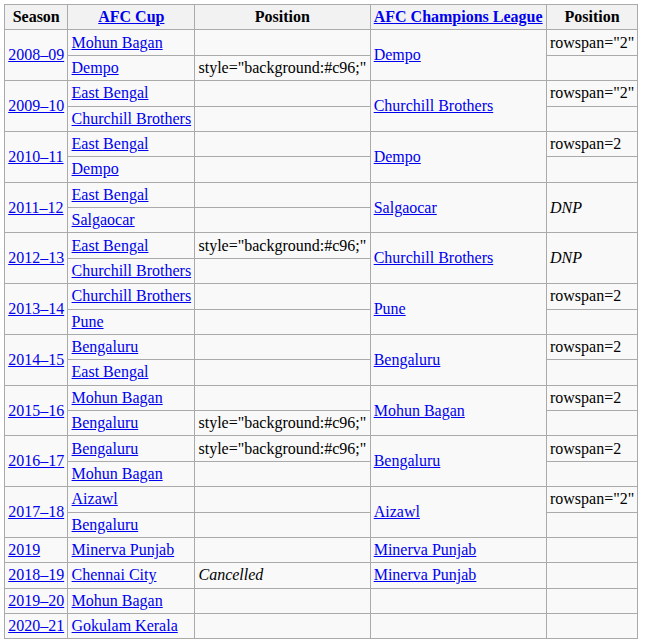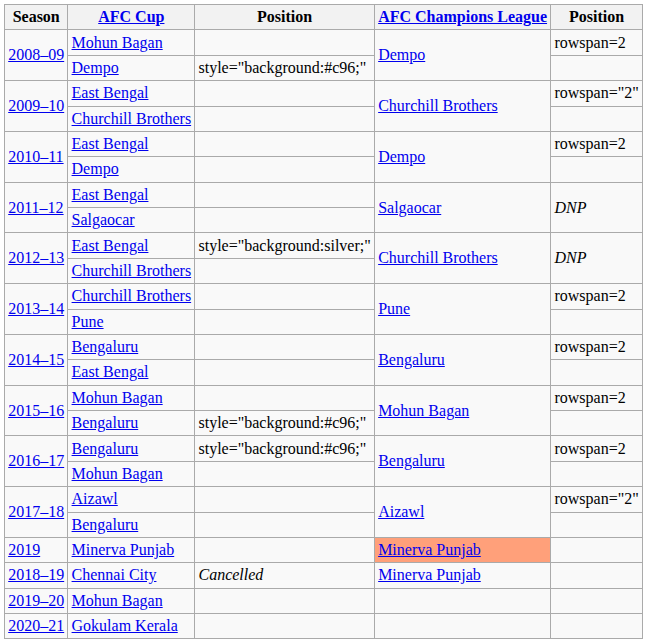 <table class="wikitable sortable">
 <tr>
 <th>Season</th>
 <th><a href='#'>AFC Cup</a></th>
 <th>Position</th>
 <th><a href='#'>AFC Champions League</a></th>
 <th>Position</th>
 </tr>
 <tr>
 <td rowspan=2><a href='#'>2008–09</a></td>
 <td><a href='#'>Mohun Bagan</a></td>
 <td></td>
 <td rowspan=2><a href='#'>Dempo</a></td>
-<td>rowspan="2" </td>
+<td>rowspan=2 </td>
 </tr>
 <tr>
 <td><a href='#'>Dempo</a></td>
 <td>style="background:#c96;" </td>
 </tr>
 <tr>
 <td rowspan=2><a href='#'>2009–10</a></td>
 <td><a href='#'>East Bengal</a></td>
 <td></td>
 <td rowspan=2><a href='#'>Churchill Brothers</a></td>
 <td>rowspan="2" </td>
 </tr>
 <tr>
 <td><a href='#'>Churchill Brothers</a></td>
 <td></td>
 </tr>
 <tr>
 <td rowspan=2><a href='#'>2010–11</a></td>
 <td><a href='#'>East Bengal</a></td>
 <td></td>
 <td rowspan=2><a href='#'>Dempo</a></td>
 <td>rowspan=2 </td>
 </tr>
 <tr>
 <td><a href='#'>Dempo</a></td>
 <td></td>
 </tr>
 <tr>
 <td rowspan=2><a href='#'>2011–12</a></td>
 <td><a href='#'>East Bengal</a></td>
 <td></td>
 <td rowspan=2><a href='#'>Salgaocar</a></td>
 <td rowspan=2 data-sort-value="1"><em>DNP</em></td>
 </tr>
 <tr>
 <td><a href='#'>Salgaocar</a></td>
 <td></td>
 </tr>
 <tr>
 <td rowspan=2><a href='#'>2012–13</a></td>
 <td><a href='#'>East Bengal</a></td>
-<td>style="background:#c96;" </td>
+<td>style="background:silver;" </td>
 <td rowspan=2><a href='#'>Churchill Brothers</a></td>
 <td rowspan=2 data-sort-value="1"><em>DNP</em></td>
 </tr>
 <tr>
 <td><a href='#'>Churchill Brothers</a></td>
 <td></td>
 </tr>
 <tr>
 <td rowspan=2><a href='#'>2013–14</a></td>
 <td><a href='#'>Churchill Brothers</a></td>
 <td></td>
 <td rowspan=2><a href='#'>Pune</a></td>
 <td>rowspan=2 </td>
 </tr>
 <tr>
 <td><a href='#'>Pune</a></td>
 <td></td>
 </tr>
 <tr>
 <td rowspan=2><a href='#'>2014–15</a></td>
 <td><a href='#'>Bengaluru</a></td>
 <td></td>
 <td rowspan=2><a href='#'>Bengaluru</a></td>
 <td>rowspan=2 </td>
 </tr>
 <tr>
 <td><a href='#'>East Bengal</a></td>
 <td></td>
 </tr>
 <tr>
 <td rowspan=2><a href='#'>2015–16</a></td>
 <td><a href='#'>Mohun Bagan</a></td>
 <td></td>
 <td rowspan=2><a href='#'>Mohun Bagan</a></td>
 <td>rowspan=2 </td>
 </tr>
 <tr>
 <td><a href='#'>Bengaluru</a></td>
 <td>style="background:#c96;" </td>
 </tr>
 <tr>
 <td rowspan=2><a href='#'>2016–17</a></td>
 <td><a href='#'>Bengaluru</a></td>
 <td>style="background:#c96;" </td>
 <td rowspan=2><a href='#'>Bengaluru</a></td>
 <td>rowspan=2 </td>
 </tr>
 <tr>
 <td><a href='#'>Mohun Bagan</a></td>
 <td></td>
 </tr>
 <tr>
 <td rowspan="2"><a href='#'>2017–18</a></td>
 <td><a href='#'>Aizawl</a></td>
 <td></td>
 <td rowspan="2"><a href='#'>Aizawl</a></td>
 <td>rowspan="2" </td>
 </tr>
 <tr>
 <td><a href='#'>Bengaluru</a></td>
 <td></td>
 </tr>
 <tr>
 <td><a href='#'>2019</a></td>
 <td><a href='#'>Minerva Punjab</a></td>
 <td></td>
-<td><a href='#'>Minerva Punjab</a></td>
+<td style="background: lightsalmon;"><a href='#'>Minerva Punjab</a></td>
 <td></td>
 </tr>
 <tr>
 <td><a href='#'>2018–19</a></td>
 <td><a href='#'>Chennai City</a></td>
 <td data-sort-value="1"><em>Cancelled</em></td>
 <td><a href='#'>Minerva Punjab</a></td>
 <td></td>
 </tr>
 <tr>
 <td><a href='#'>2019–20</a></td>
 <td><a href='#'>Mohun Bagan</a></td>
 <td></td>
 <td></td>
 <td></td>
 </tr>
 <tr>
 <td><a href='#'>2020–21</a></td>
 <td><a href='#'>Gokulam Kerala</a></td>
 <td></td>
 <td></td>
 <td></td>
 </tr>
 </table>
